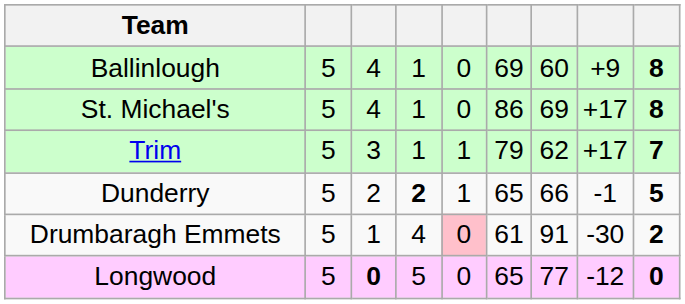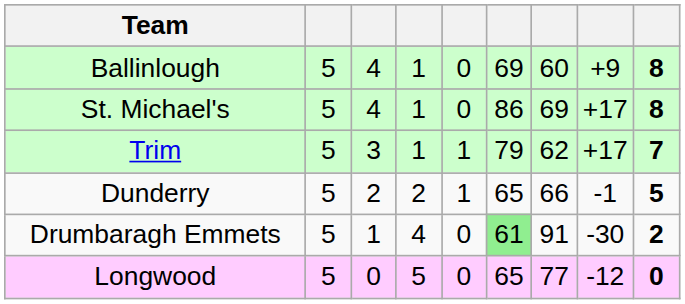 <table class="wikitable" style="text-align:center">
 <tr>
 <th style="width:175px;">Team</th>
 <th width="20"></th>
 <th width="20"></th>
 <th width="20"></th>
 <th width="20"></th>
 <th width="20"></th>
 <th width="20"></th>
 <th width="20"></th>
 <th width="20"></th>
 </tr>
 <tr style="background:#cfc;">
 <td>Ballinlough</td>
 <td>5</td>
 <td>4</td>
 <td>1</td>
 <td>0</td>
 <td>69</td>
 <td>60</td>
 <td>+9</td>
 <td><strong>8</strong></td>
 </tr>
 <tr style="background:#cfc;">
 <td>St. Michael's</td>
 <td>5</td>
 <td>4</td>
 <td>1</td>
 <td>0</td>
 <td>86</td>
 <td>69</td>
 <td>+17</td>
 <td><strong>8</strong></td>
 </tr>
 <tr style="background:#cfc;">
 <td><a href='#'>Trim</a></td>
 <td>5</td>
 <td>3</td>
 <td>1</td>
 <td>1</td>
 <td>79</td>
 <td>62</td>
 <td>+17</td>
 <td><strong>7</strong></td>
 </tr>
 <tr>
 <td>Dunderry</td>
 <td>5</td>
 <td>2</td>
-<td><strong>2</strong></td>
+<td>2</td>
 <td>1</td>
 <td>65</td>
 <td>66</td>
 <td>-1</td>
 <td><strong>5</strong></td>
 </tr>
 <tr>
 <td>Drumbaragh Emmets</td>
 <td>5</td>
 <td>1</td>
 <td>4</td>
-<td style="background: pink;">0</td>
-<td>61</td>
+<td>0</td>
+<td style="background: lightgreen;">61</td>
 <td>91</td>
 <td>-30</td>
 <td><strong>2</strong></td>
 </tr>
 <tr style="background:#fcf;">
 <td>Longwood</td>
 <td>5</td>
-<td><strong>0</strong></td>
+<td>0</td>
 <td>5</td>
 <td>0</td>
 <td>65</td>
 <td>77</td>
 <td>-12</td>
 <td><strong>0</strong></td>
 </tr>
 </table>
